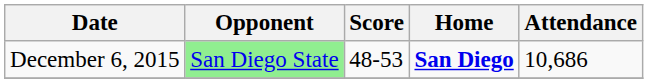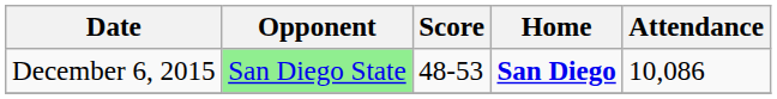 <table class="wikitable">
 <tr>
 <th>Date</th>
 <th>Opponent</th>
 <th>Score</th>
 <th>Home</th>
 <th>Attendance</th>
 </tr>
 <tr>
 <td>December 6, 2015</td>
 <td style="background: lightgreen;"><a href='#'>San Diego State</a></td>
 <td>48-53</td>
 <td><strong><a href='#'>San Diego</a></strong></td>
-<td>10,686</td>
+<td>10,086</td>
 </tr>
 <tr>
 </tr>
 </table>
